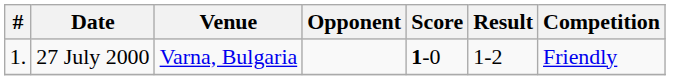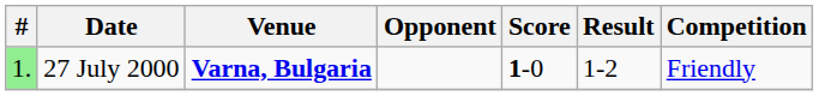 <table class="wikitable">
 <tr>
 <th>#</th>
 <th>Date</th>
 <th>Venue</th>
 <th>Opponent</th>
 <th>Score</th>
 <th>Result</th>
 <th>Competition</th>
 </tr>
 <tr>
-<td>1.</td>
+<td style="background: lightgreen;">1.</td>
 <td>27 July 2000</td>
-<td><a href='#'>Varna, Bulgaria</a></td>
+<td><strong><a href='#'>Varna, Bulgaria</a></strong></td>
 <td></td>
 <td><strong>1</strong>-0</td>
 <td>1-2</td>
 <td><a href='#'>Friendly</a></td>
 </tr>
 <tr>
 </tr>
 </table>
